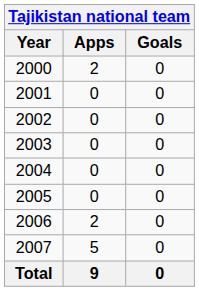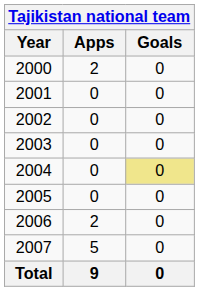 <table class="wikitable" style="text-align:center">
 <tr>
 <th colspan=3><a href='#'>Tajikistan national team</a></th>
 </tr>
 <tr>
 <th>Year</th>
 <th>Apps</th>
 <th>Goals</th>
 </tr>
 <tr>
 <td>2000</td>
 <td>2</td>
 <td>0</td>
 </tr>
 <tr>
 <td>2001</td>
 <td>0</td>
 <td>0</td>
 </tr>
 <tr>
 <td>2002</td>
 <td>0</td>
 <td>0</td>
 </tr>
 <tr>
 <td>2003</td>
 <td>0</td>
 <td>0</td>
 </tr>
 <tr>
 <td>2004</td>
 <td>0</td>
-<td>0</td>
+<td style="background: khaki;">0</td>
 </tr>
 <tr>
 <td>2005</td>
 <td>0</td>
 <td>0</td>
 </tr>
 <tr>
 <td>2006</td>
 <td>2</td>
 <td>0</td>
 </tr>
 <tr>
 <td>2007</td>
 <td>5</td>
 <td>0</td>
 </tr>
 <tr>
 <th>Total</th>
 <th>9</th>
 <th>0</th>
 </tr>
 </table>
